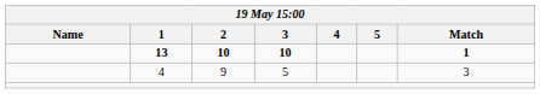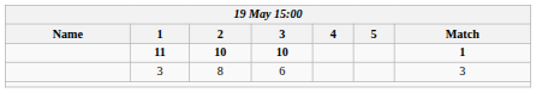 <table class=wikitable style="text-align:center; width: 55%">
 <tr>
 <th colspan=17><em>19 May 15:00</em></th>
 </tr>
 <tr>
 <th>Name</th>
 <th>1</th>
 <th>2</th>
 <th>3</th>
 <th>4</th>
 <th>5</th>
 <th>Match</th>
 </tr>
 <tr>
 <td style="text-align:left;"><strong></strong></td>
-<td><strong>13</strong></td>
+<td><strong>11</strong></td>
 <td><strong>10</strong></td>
 <td><strong>10</strong></td>
 <td></td>
 <td></td>
 <td><strong>1</strong></td>
 </tr>
 <tr>
 <td style="text-align:left;"></td>
-<td>4</td>
-<td>9</td>
-<td>5</td>
+<td>3</td>
+<td>8</td>
+<td>6</td>
 <td></td>
 <td></td>
 <td>3</td>
 </tr>
 <tr>
 <td colspan=17></td>
 </tr>
 </table>
